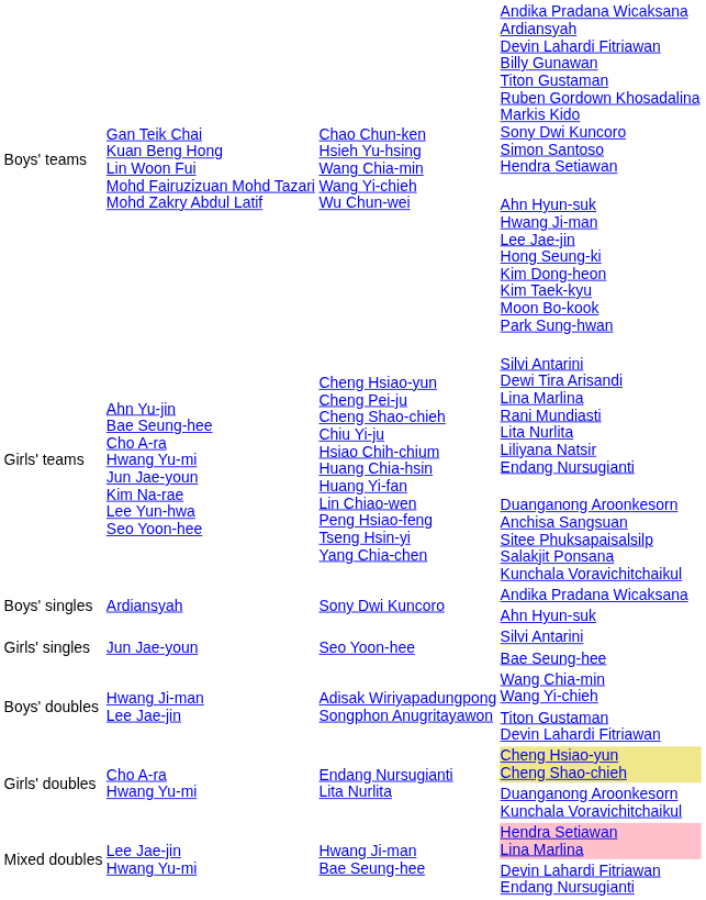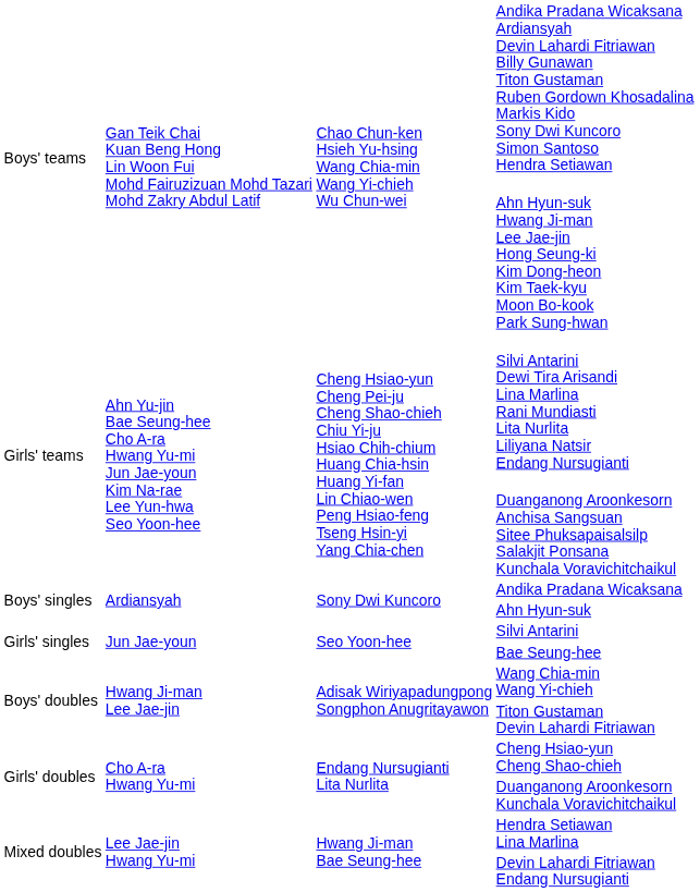 <table>
 <tr>
 <td rowspan=2>Boys' teams<br></td>
 <td rowspan=2><br><a href='#'>Gan Teik Chai</a><br><a href='#'>Kuan Beng Hong</a><br><a href='#'>Lin Woon Fui</a><br><a href='#'>Mohd Fairuzizuan Mohd Tazari</a><br><a href='#'>Mohd Zakry Abdul Latif</a></td>
 <td rowspan=2><br><a href='#'>Chao Chun-ken</a><br><a href='#'>Hsieh Yu-hsing</a><br><a href='#'>Wang Chia-min</a><br><a href='#'>Wang Yi-chieh</a><br><a href='#'>Wu Chun-wei</a></td>
 <td><br><a href='#'>Andika Pradana Wicaksana</a><br><a href='#'>Ardiansyah</a><br><a href='#'>Devin Lahardi Fitriawan</a><br><a href='#'>Billy Gunawan</a><br><a href='#'>Titon Gustaman</a><br><a href='#'>Ruben Gordown Khosadalina</a><br><a href='#'>Markis Kido</a><br><a href='#'>Sony Dwi Kuncoro</a><br><a href='#'>Simon Santoso</a><br><a href='#'>Hendra Setiawan</a></td>
 </tr>
 <tr>
 <td><br><a href='#'>Ahn Hyun-suk</a><br><a href='#'>Hwang Ji-man</a><br><a href='#'>Lee Jae-jin</a><br><a href='#'>Hong Seung-ki</a><br><a href='#'>Kim Dong-heon</a><br><a href='#'>Kim Taek-kyu</a><br><a href='#'>Moon Bo-kook</a><br><a href='#'>Park Sung-hwan</a></td>
 </tr>
 <tr>
 <td rowspan=2>Girls' teams<br></td>
 <td rowspan=2><br><a href='#'>Ahn Yu-jin</a><br><a href='#'>Bae Seung-hee</a><br><a href='#'>Cho A-ra</a><br><a href='#'>Hwang Yu-mi</a><br><a href='#'>Jun Jae-youn</a><br><a href='#'>Kim Na-rae</a><br><a href='#'>Lee Yun-hwa</a><br><a href='#'>Seo Yoon-hee</a></td>
 <td rowspan=2><br><a href='#'>Cheng Hsiao-yun</a><br><a href='#'>Cheng Pei-ju</a><br><a href='#'>Cheng Shao-chieh</a><br><a href='#'>Chiu Yi-ju</a><br><a href='#'>Hsiao Chih-chium</a><br><a href='#'>Huang Chia-hsin</a><br><a href='#'>Huang Yi-fan</a><br><a href='#'>Lin Chiao-wen</a><br><a href='#'>Peng Hsiao-feng</a><br><a href='#'>Tseng Hsin-yi</a><br><a href='#'>Yang Chia-chen</a></td>
 <td><br><a href='#'>Silvi Antarini</a><br><a href='#'>Dewi Tira Arisandi</a><br><a href='#'>Lina Marlina</a><br><a href='#'>Rani Mundiasti</a><br><a href='#'>Lita Nurlita</a><br><a href='#'>Liliyana Natsir</a><br><a href='#'>Endang Nursugianti</a></td>
 </tr>
 <tr>
 <td><br><a href='#'>Duanganong Aroonkesorn</a><br><a href='#'>Anchisa Sangsuan</a><br><a href='#'>Sitee Phuksapaisalsilp</a><br><a href='#'>Salakjit Ponsana</a><br><a href='#'>Kunchala Voravichitchaikul</a></td>
 </tr>
 <tr>
 <td rowspan=2>Boys' singles<br></td>
 <td rowspan=2> <a href='#'>Ardiansyah</a></td>
 <td rowspan=2> <a href='#'>Sony Dwi Kuncoro</a></td>
 <td> <a href='#'>Andika Pradana Wicaksana</a></td>
 </tr>
 <tr>
 <td> <a href='#'>Ahn Hyun-suk</a></td>
 </tr>
 <tr>
 <td rowspan=2>Girls' singles<br></td>
 <td rowspan=2> <a href='#'>Jun Jae-youn</a></td>
 <td rowspan=2> <a href='#'>Seo Yoon-hee</a></td>
 <td> <a href='#'>Silvi Antarini</a></td>
 </tr>
 <tr>
 <td> <a href='#'>Bae Seung-hee</a></td>
 </tr>
 <tr>
 <td rowspan=2>Boys' doubles<br></td>
 <td rowspan=2> <a href='#'>Hwang Ji-man</a><br> <a href='#'>Lee Jae-jin</a></td>
 <td rowspan=2> <a href='#'>Adisak Wiriyapadungpong</a><br> <a href='#'>Songphon Anugritayawon</a></td>
 <td> <a href='#'>Wang Chia-min</a><br> <a href='#'>Wang Yi-chieh</a></td>
 </tr>
 <tr>
 <td> <a href='#'>Titon Gustaman</a><br> <a href='#'>Devin Lahardi Fitriawan</a></td>
 </tr>
 <tr>
 <td rowspan=2>Girls' doubles<br></td>
 <td rowspan=2> <a href='#'>Cho A-ra</a><br> <a href='#'>Hwang Yu-mi</a></td>
 <td rowspan=2> <a href='#'>Endang Nursugianti</a><br> <a href='#'>Lita Nurlita</a></td>
-<td style="background: khaki;"> <a href='#'>Cheng Hsiao-yun</a><br> <a href='#'>Cheng Shao-chieh</a></td>
+<td> <a href='#'>Cheng Hsiao-yun</a><br> <a href='#'>Cheng Shao-chieh</a></td>
 </tr>
 <tr>
 <td> <a href='#'>Duanganong Aroonkesorn</a><br> <a href='#'>Kunchala Voravichitchaikul</a></td>
 </tr>
 <tr>
 <td rowspan=2>Mixed doubles<br></td>
 <td rowspan=2> <a href='#'>Lee Jae-jin</a><br> <a href='#'>Hwang Yu-mi</a></td>
 <td rowspan=2> <a href='#'>Hwang Ji-man</a><br> <a href='#'>Bae Seung-hee</a></td>
-<td style="background: pink;"> <a href='#'>Hendra Setiawan</a><br> <a href='#'>Lina Marlina</a></td>
+<td> <a href='#'>Hendra Setiawan</a><br> <a href='#'>Lina Marlina</a></td>
 </tr>
 <tr>
 <td> <a href='#'>Devin Lahardi Fitriawan</a><br> <a href='#'>Endang Nursugianti</a></td>
 </tr>
 </table>
